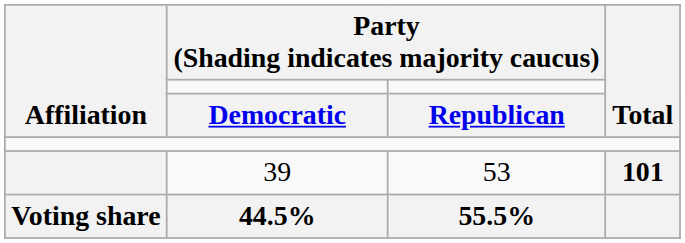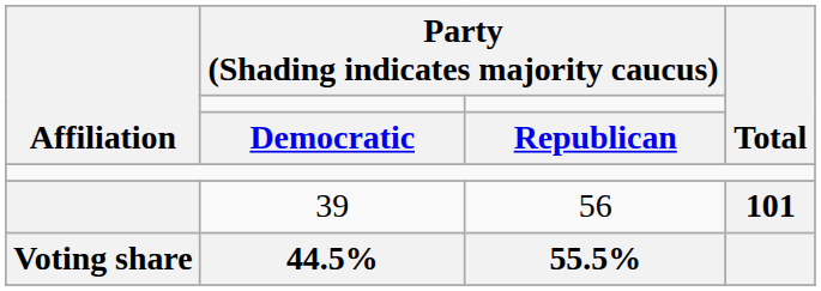 <table class=wikitable style="text-align:center">
 <tr style="vertical-align:bottom;">
 <th rowspan=3>Affiliation</th>
 <th colspan=2>Party <div>(Shading indicates majority caucus)</div></th>
 <th rowspan=3>Total</th>
 </tr>
 <tr style="height:5px">
 <td style="background-color:"></td>
 <td style="background-color:"></td>
 </tr>
 <tr>
 <th><a href='#'>Democratic</a></th>
 <th><a href='#'>Republican</a></th>
 </tr>
 <tr>
 <td colspan=5></td>
 </tr>
 <tr>
 <th nowrap style="font-size:80%"></th>
 <td>39</td>
-<td>53</td>
+<td>56</td>
 <th>101</th>
 </tr>
 <tr>
 <th>Voting share</th>
 <th>44.5%</th>
 <th>55.5%</th>
 <th colspan=2></th>
 </tr>
 </table>
